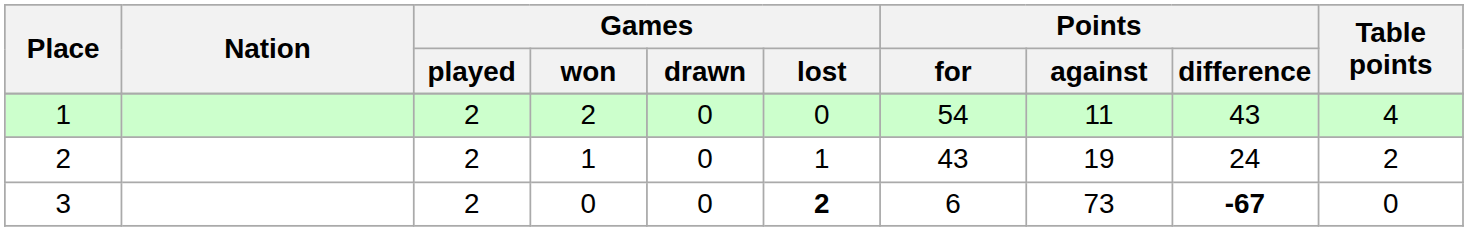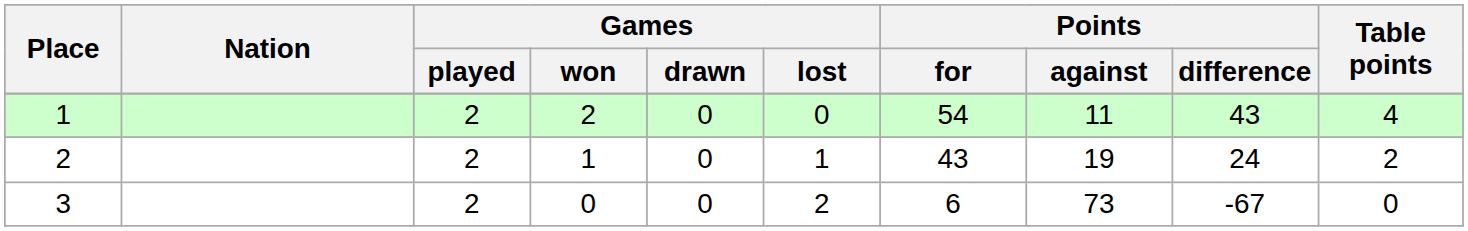 <table class="wikitable">
 <tr>
 <th rowspan=2 width="8%">Place</th>
 <th rowspan=2 width="20%">Nation</th>
 <th colspan=4 width="32%">Games</th>
 <th colspan=3 width="30%">Points</th>
 <th rowspan=2 width="10%">Table<br>points</th>
 </tr>
 <tr>
 <th width="8%">played</th>
 <th width="8%">won</th>
 <th width="8%">drawn</th>
 <th width="8%">lost</th>
 <th width="10%">for</th>
 <th width="10%">against</th>
 <th width="10%">difference</th>
 </tr>
 <tr>
 </tr>
 <tr bgcolor=#ccffcc align=center>
 <td>1</td>
 <td align=left></td>
 <td>2</td>
 <td>2</td>
 <td>0</td>
 <td>0</td>
 <td>54</td>
 <td>11</td>
 <td>43</td>
 <td>4</td>
 </tr>
 <tr bgcolor=#ffffff align=center>
 <td>2</td>
 <td align=left></td>
 <td>2</td>
 <td>1</td>
 <td>0</td>
 <td>1</td>
 <td>43</td>
 <td>19</td>
 <td>24</td>
 <td>2</td>
 </tr>
 <tr bgcolor=#ffffff align=center>
 <td>3</td>
 <td align=left><em></em></td>
 <td>2</td>
 <td>0</td>
 <td>0</td>
-<td><strong>2</strong></td>
+<td>2</td>
 <td>6</td>
 <td>73</td>
-<td><strong>-67</strong></td>
+<td>-67</td>
 <td>0</td>
 </tr>
 </table>
